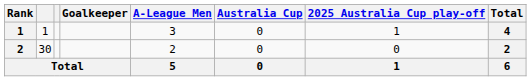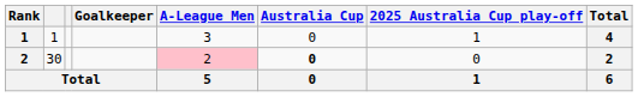 <table class="wikitable" style="text-align:center">
 <tr>
 <th>Rank</th>
 <th></th>
 <th></th>
 <th>Goalkeeper</th>
 <th><a href='#'>A-League Men</a></th>
 <th><a href='#'>Australia Cup</a></th>
 <th><a href='#'>2025 Australia Cup play-off</a></th>
 <th>Total</th>
 </tr>
 <tr>
 <th>1</th>
 <td>1</td>
 <td></td>
 <td align="left"></td>
 <td>3</td>
 <td>0</td>
 <td>1</td>
 <th>4</th>
 </tr>
 <tr>
 <th>2</th>
 <td>30</td>
 <td></td>
 <td align="left"></td>
-<td>2</td>
-<td>0</td>
+<td style="background: pink;">2</td>
+<td><strong>0</strong></td>
 <td>0</td>
 <th>2</th>
 </tr>
 <tr>
 <th colspan="4">Total</th>
 <th>5</th>
 <th>0</th>
 <th>1</th>
 <th>6</th>
 </tr>
 </table>
